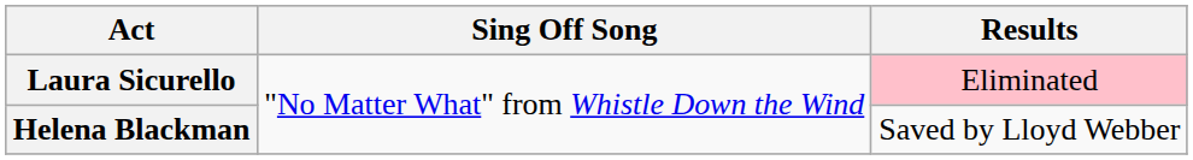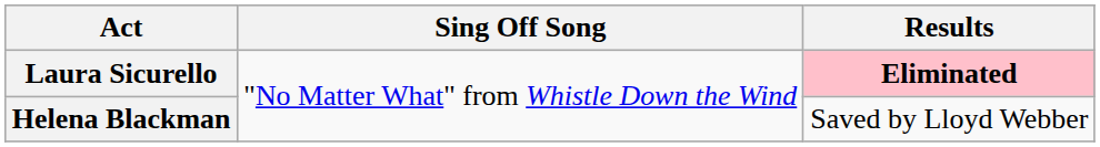 <table class="wikitable plainrowheaders" style="text-align:center;">
 <tr>
 <th scope="col">Act</th>
 <th scope="col">Sing Off Song</th>
 <th scope="col">Results</th>
 </tr>
 <tr>
 <th scope="row">Laura Sicurello</th>
 <td rowspan="2">"<a href='#'>No Matter What</a>" from <em><a href='#'>Whistle Down the Wind</a></em></td>
-<td style="background:pink;">Eliminated</td>
+<td style="background:pink;"><strong>Eliminated</strong></td>
 </tr>
 <tr>
 <th scope="row">Helena Blackman</th>
 <td>Saved by Lloyd Webber</td>
 </tr>
 </table>
